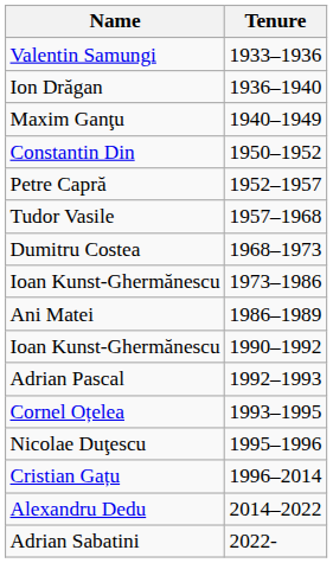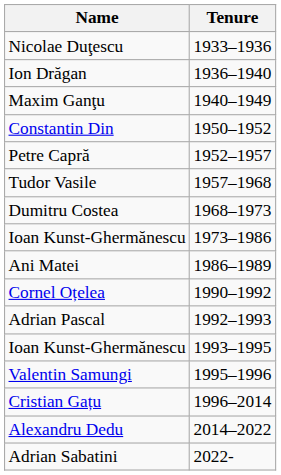 <table class="wikitable">
 <tr>
 <th>Name</th>
 <th>Tenure</th>
 </tr>
 <tr>
-<td><a href='#'>Valentin Samungi</a></td>
+<td>Nicolae Duţescu</td>
 <td>1933–1936</td>
 </tr>
 <tr>
 <td>Ion Drăgan</td>
 <td>1936–1940</td>
 </tr>
 <tr>
 <td>Maxim Ganţu</td>
 <td>1940–1949</td>
 </tr>
 <tr>
 <td><a href='#'>Constantin Din</a></td>
 <td>1950–1952</td>
 </tr>
 <tr>
 <td>Petre Capră</td>
 <td>1952–1957</td>
 </tr>
 <tr>
 <td>Tudor Vasile</td>
 <td>1957–1968</td>
 </tr>
 <tr>
 <td>Dumitru Costea</td>
 <td>1968–1973</td>
 </tr>
 <tr>
 <td>Ioan Kunst-Ghermănescu</td>
 <td>1973–1986</td>
 </tr>
 <tr>
 <td>Ani Matei</td>
 <td>1986–1989</td>
 </tr>
 <tr>
-<td>Ioan Kunst-Ghermănescu</td>
+<td><a href='#'>Cornel Oțelea</a></td>
 <td>1990–1992</td>
 </tr>
 <tr>
 <td>Adrian Pascal</td>
 <td>1992–1993</td>
 </tr>
 <tr>
-<td><a href='#'>Cornel Oțelea</a></td>
+<td>Ioan Kunst-Ghermănescu</td>
 <td>1993–1995</td>
 </tr>
 <tr>
-<td>Nicolae Duţescu</td>
+<td><a href='#'>Valentin Samungi</a></td>
 <td>1995–1996</td>
 </tr>
 <tr>
 <td><a href='#'>Cristian Gațu</a></td>
 <td>1996–2014</td>
 </tr>
 <tr>
 <td><a href='#'>Alexandru Dedu</a></td>
 <td>2014–2022</td>
 </tr>
 <tr>
 <td>Adrian Sabatini</td>
 <td>2022-</td>
 </tr>
 </table>
